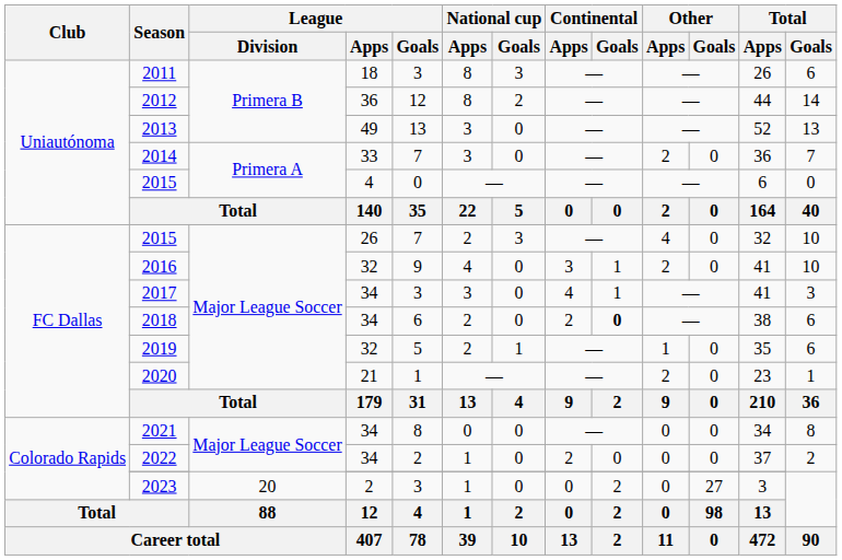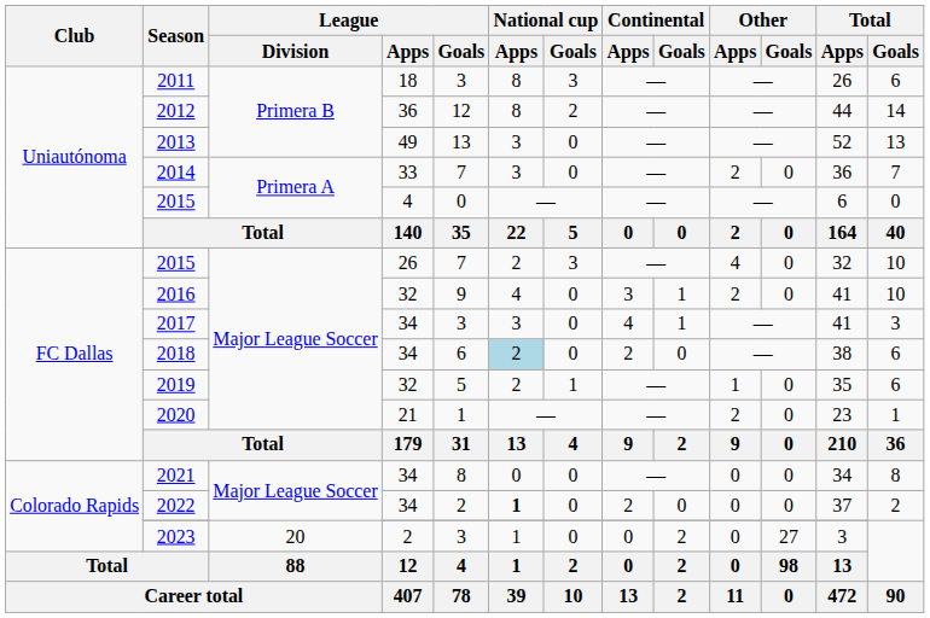 <table class="wikitable" style="text-align:center">
 <tr>
 <th rowspan="2">Club</th>
 <th rowspan="2">Season</th>
 <th colspan="3">League</th>
 <th colspan="2">National cup</th>
 <th colspan="2">Continental</th>
 <th colspan="2">Other</th>
 <th colspan="2">Total</th>
 </tr>
 <tr>
 <th>Division</th>
 <th>Apps</th>
 <th>Goals</th>
 <th>Apps</th>
 <th>Goals</th>
 <th>Apps</th>
 <th>Goals</th>
 <th>Apps</th>
 <th>Goals</th>
 <th>Apps</th>
 <th>Goals</th>
 </tr>
 <tr>
 <td rowspan="6"><a href='#'>Uniautónoma</a></td>
 <td><a href='#'>2011</a></td>
 <td rowspan="3"><a href='#'>Primera B</a></td>
 <td>18</td>
 <td>3</td>
 <td>8</td>
 <td>3</td>
 <td colspan="2">—</td>
 <td colspan="2">—</td>
 <td>26</td>
 <td>6</td>
 </tr>
 <tr>
 <td><a href='#'>2012</a></td>
 <td>36</td>
 <td>12</td>
 <td>8</td>
 <td>2</td>
 <td colspan="2">—</td>
 <td colspan="2">—</td>
 <td>44</td>
 <td>14</td>
 </tr>
 <tr>
 <td><a href='#'>2013</a></td>
 <td>49</td>
 <td>13</td>
 <td>3</td>
 <td>0</td>
 <td colspan="2">—</td>
 <td colspan="2">—</td>
 <td>52</td>
 <td>13</td>
 </tr>
 <tr>
 <td><a href='#'>2014</a></td>
 <td rowspan="2"><a href='#'>Primera A</a></td>
 <td>33</td>
 <td>7</td>
 <td>3</td>
 <td>0</td>
 <td colspan="2">—</td>
 <td>2</td>
 <td>0</td>
 <td>36</td>
 <td>7</td>
 </tr>
 <tr>
 <td><a href='#'>2015</a></td>
 <td>4</td>
 <td>0</td>
 <td colspan="2">—</td>
 <td colspan="2">—</td>
 <td colspan="2">—</td>
 <td>6</td>
 <td>0</td>
 </tr>
 <tr>
 <th colspan="2">Total</th>
 <th>140</th>
 <th>35</th>
 <th>22</th>
 <th>5</th>
 <th>0</th>
 <th>0</th>
 <th>2</th>
 <th>0</th>
 <th>164</th>
 <th>40</th>
 </tr>
 <tr>
 <td rowspan="7"><a href='#'>FC Dallas</a></td>
 <td><a href='#'>2015</a></td>
 <td rowspan="6"><a href='#'>Major League Soccer</a></td>
 <td>26</td>
 <td>7</td>
 <td>2</td>
 <td>3</td>
 <td colspan="2">—</td>
 <td>4</td>
 <td>0</td>
 <td>32</td>
 <td>10</td>
 </tr>
 <tr>
 <td><a href='#'>2016</a></td>
 <td>32</td>
 <td>9</td>
 <td>4</td>
 <td>0</td>
 <td>3</td>
 <td>1</td>
 <td>2</td>
 <td>0</td>
 <td>41</td>
 <td>10</td>
 </tr>
 <tr>
 <td><a href='#'>2017</a></td>
 <td>34</td>
 <td>3</td>
 <td>3</td>
 <td>0</td>
 <td>4</td>
 <td>1</td>
 <td colspan="2">—</td>
 <td>41</td>
 <td>3</td>
 </tr>
 <tr>
 <td><a href='#'>2018</a></td>
 <td>34</td>
 <td>6</td>
+<td style="background: lightblue;">2</td>
+<td>0</td>
 <td>2</td>
 <td>0</td>
-<td>2</td>
-<td><strong>0</strong></td>
 <td colspan="2">—</td>
 <td>38</td>
 <td>6</td>
 </tr>
 <tr>
 <td><a href='#'>2019</a></td>
 <td>32</td>
 <td>5</td>
 <td>2</td>
 <td>1</td>
 <td colspan="2">—</td>
 <td>1</td>
 <td>0</td>
 <td>35</td>
 <td>6</td>
 </tr>
 <tr>
 <td><a href='#'>2020</a></td>
 <td>21</td>
 <td>1</td>
 <td colspan="2">—</td>
 <td colspan="2">—</td>
 <td>2</td>
 <td>0</td>
 <td>23</td>
 <td>1</td>
 </tr>
 <tr>
 <th colspan="2">Total</th>
 <th>179</th>
 <th>31</th>
 <th>13</th>
 <th>4</th>
 <th>9</th>
 <th>2</th>
 <th>9</th>
 <th>0</th>
 <th>210</th>
 <th>36</th>
 </tr>
 <tr>
 <td rowspan="4"><a href='#'>Colorado Rapids</a></td>
 <td><a href='#'>2021</a></td>
 <td rowspan="3"><a href='#'>Major League Soccer</a></td>
 <td>34</td>
 <td>8</td>
 <td>0</td>
 <td>0</td>
 <td colspan="2">—</td>
 <td>0</td>
 <td>0</td>
 <td>34</td>
 <td>8</td>
 </tr>
 <tr>
 <td><a href='#'>2022</a></td>
 <td>34</td>
 <td>2</td>
-<td>1</td>
+<td><strong>1</strong></td>
 <td>0</td>
 <td>2</td>
 <td>0</td>
 <td>0</td>
 <td>0</td>
 <td>37</td>
 <td>2</td>
 </tr>
 <tr>
 </tr>
 <tr>
 <td><a href='#'>2023</a></td>
 <td>20</td>
 <td>2</td>
 <td>3</td>
 <td>1</td>
 <td>0</td>
 <td>0</td>
 <td>2</td>
 <td>0</td>
 <td>27</td>
 <td>3</td>
 </tr>
 <tr>
 <th colspan="2">Total</th>
 <th>88</th>
 <th>12</th>
 <th>4</th>
 <th>1</th>
 <th>2</th>
 <th>0</th>
 <th>2</th>
 <th>0</th>
 <th>98</th>
 <th>13</th>
 </tr>
 <tr>
 <th colspan="3">Career total</th>
 <th>407</th>
 <th>78</th>
 <th>39</th>
 <th>10</th>
 <th>13</th>
 <th>2</th>
 <th>11</th>
 <th>0</th>
 <th>472</th>
 <th>90</th>
 </tr>
 </table>
